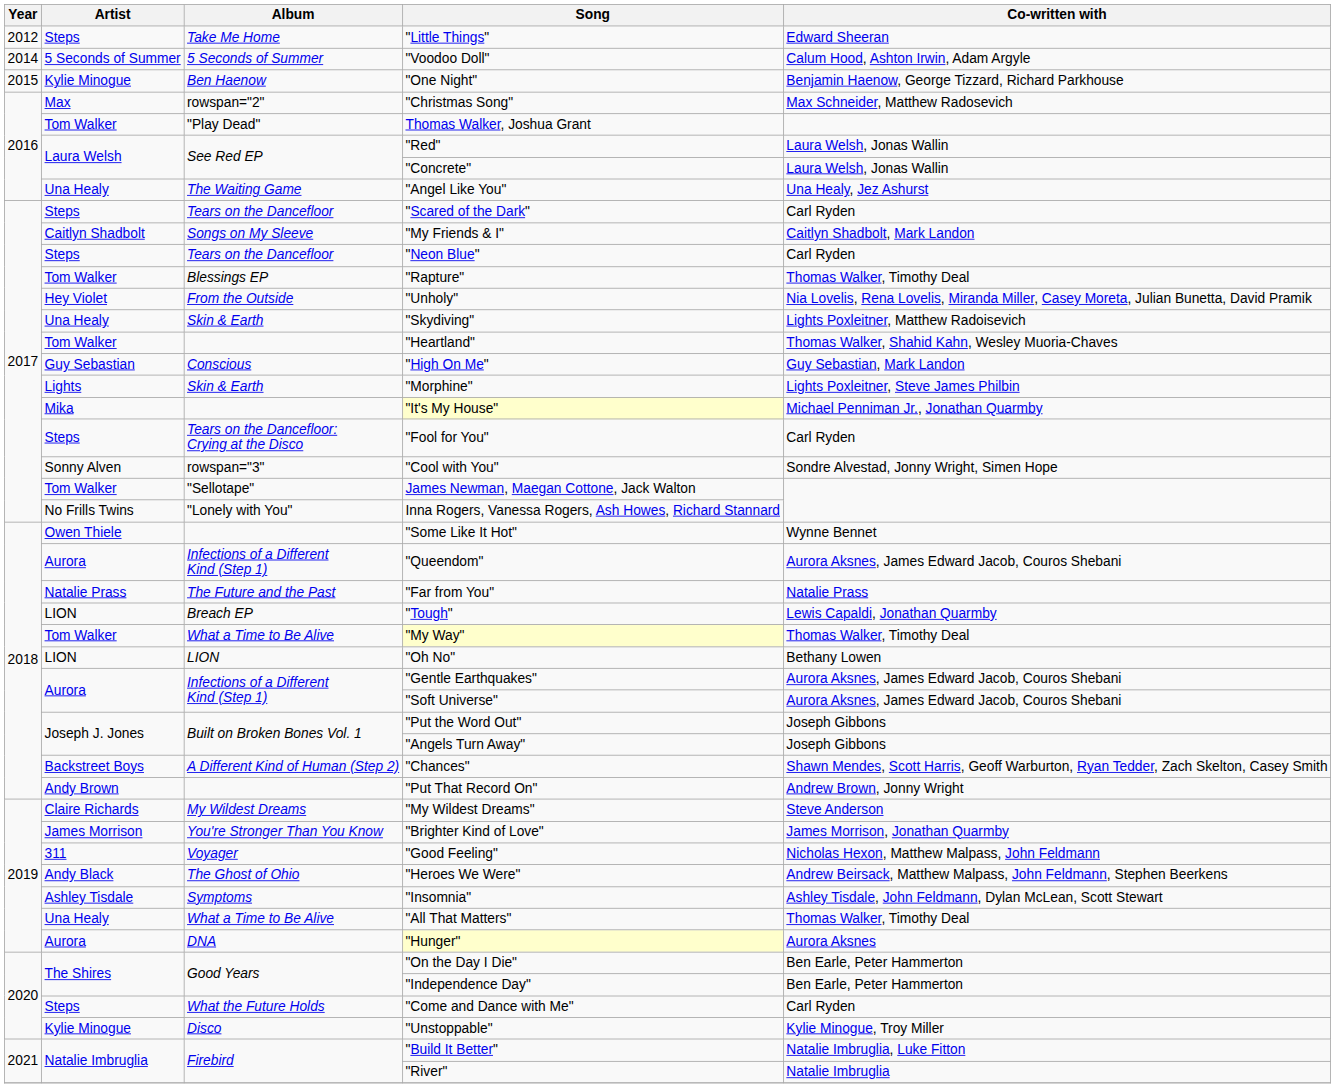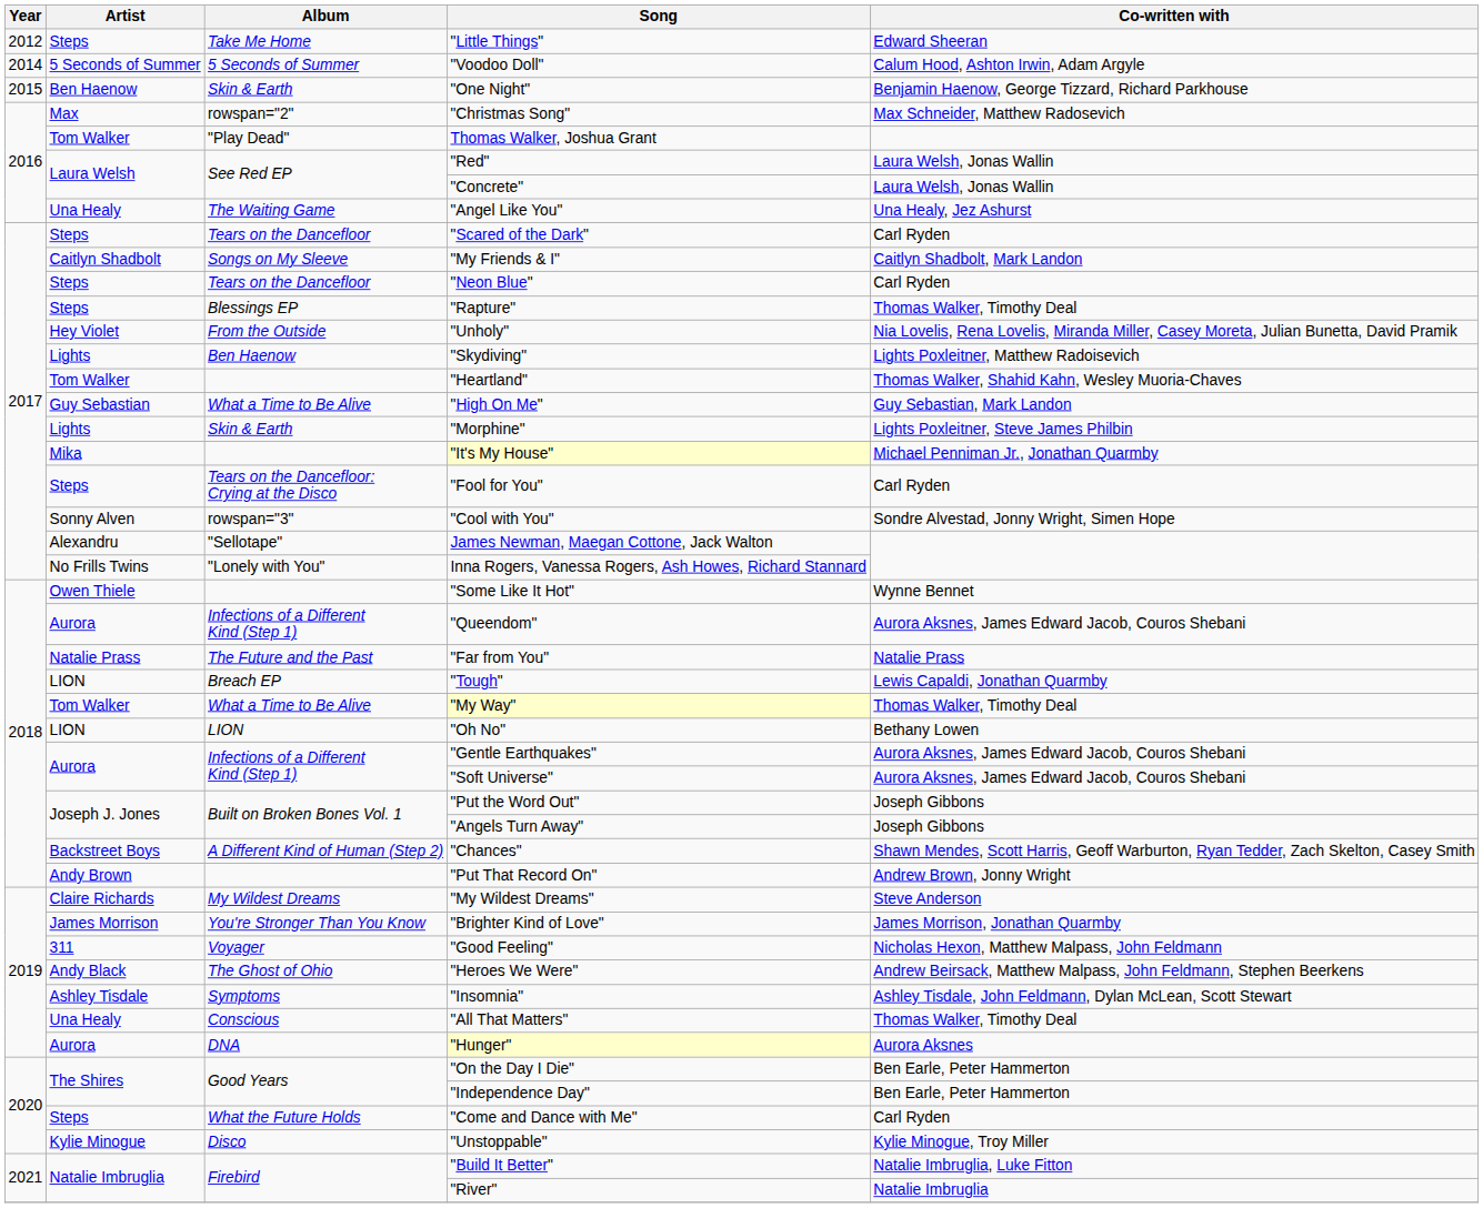 <table class="wikitable">
 <tr>
 <th>Year</th>
 <th>Artist</th>
 <th>Album</th>
 <th>Song</th>
 <th>Co-written with</th>
 </tr>
 <tr>
 <td>2012</td>
 <td><a href='#'>Steps</a></td>
 <td><em><a href='#'>Take Me Home</a></em></td>
 <td>"<a href='#'>Little Things</a>"</td>
 <td><a href='#'>Edward Sheeran</a></td>
 </tr>
 <tr>
 <td>2014</td>
 <td><a href='#'>5 Seconds of Summer</a></td>
 <td><em><a href='#'>5 Seconds of Summer</a></em></td>
 <td>"Voodoo Doll"</td>
 <td><a href='#'>Calum Hood</a>, <a href='#'>Ashton Irwin</a>, Adam Argyle</td>
 </tr>
 <tr>
 <td>2015</td>
-<td><a href='#'>Kylie Minogue</a></td>
-<td><em><a href='#'>Ben Haenow</a></em></td>
+<td><a href='#'>Ben Haenow</a></td>
+<td><em><a href='#'>Skin & Earth</a></em></td>
 <td>"One Night"</td>
 <td><a href='#'>Benjamin Haenow</a>, George Tizzard, Richard Parkhouse</td>
 </tr>
 <tr>
 <td rowspan="5">2016</td>
 <td><a href='#'>Max</a></td>
 <td>rowspan="2" </td>
 <td>"Christmas Song"</td>
 <td><a href='#'>Max Schneider</a>, Matthew Radosevich</td>
 </tr>
 <tr>
 <td><a href='#'>Tom Walker</a></td>
 <td>"Play Dead"</td>
 <td><a href='#'>Thomas Walker</a>, Joshua Grant</td>
 </tr>
 <tr>
 <td rowspan="2"><a href='#'>Laura Welsh</a></td>
 <td rowspan="2"><em>See Red EP</em></td>
 <td>"Red"</td>
 <td><a href='#'>Laura Welsh</a>, Jonas Wallin</td>
 </tr>
 <tr>
 <td>"Concrete"</td>
 <td><a href='#'>Laura Welsh</a>, Jonas Wallin</td>
 </tr>
 <tr>
 <td><a href='#'>Una Healy</a></td>
 <td><em><a href='#'>The Waiting Game</a></em></td>
 <td>"Angel Like You"</td>
 <td><a href='#'>Una Healy</a>, <a href='#'>Jez Ashurst</a></td>
 </tr>
 <tr>
 <td rowspan="14">2017</td>
 <td><a href='#'>Steps</a></td>
 <td><em><a href='#'>Tears on the Dancefloor</a></em></td>
 <td>"<a href='#'>Scared of the Dark</a>"</td>
 <td>Carl Ryden</td>
 </tr>
 <tr>
 <td><a href='#'>Caitlyn Shadbolt</a></td>
 <td><em><a href='#'>Songs on My Sleeve</a></em></td>
 <td>"My Friends & I"</td>
 <td><a href='#'>Caitlyn Shadbolt</a>, <a href='#'>Mark Landon</a></td>
 </tr>
 <tr>
 <td><a href='#'>Steps</a></td>
 <td><em><a href='#'>Tears on the Dancefloor</a></em></td>
 <td>"<a href='#'>Neon Blue</a>"</td>
 <td>Carl Ryden</td>
 </tr>
 <tr>
-<td><a href='#'>Tom Walker</a></td>
+<td><a href='#'>Steps</a></td>
 <td><em>Blessings EP</em></td>
 <td>"Rapture"</td>
 <td><a href='#'>Thomas Walker</a>, Timothy Deal</td>
 </tr>
 <tr>
 <td><a href='#'>Hey Violet</a></td>
 <td><em><a href='#'>From the Outside</a></em></td>
 <td>"Unholy"</td>
 <td><a href='#'>Nia Lovelis</a>, <a href='#'>Rena Lovelis</a>, <a href='#'>Miranda Miller</a>, <a href='#'>Casey Moreta</a>, Julian Bunetta, David Pramik</td>
 </tr>
 <tr>
-<td><a href='#'>Una Healy</a></td>
-<td><em><a href='#'>Skin & Earth</a></em></td>
+<td><a href='#'>Lights</a></td>
+<td><em><a href='#'>Ben Haenow</a></em></td>
 <td>"Skydiving"</td>
 <td><a href='#'>Lights Poxleitner</a>, Matthew Radoisevich</td>
 </tr>
 <tr>
 <td><a href='#'>Tom Walker</a></td>
 <td></td>
 <td>"Heartland"</td>
 <td><a href='#'>Thomas Walker</a>, <a href='#'>Shahid Kahn</a>, Wesley Muoria-Chaves</td>
 </tr>
 <tr>
 <td><a href='#'>Guy Sebastian</a></td>
-<td><em><a href='#'>Conscious</a></em></td>
+<td><em><a href='#'>What a Time to Be Alive</a></em></td>
 <td>"<a href='#'>High On Me</a>"</td>
 <td><a href='#'>Guy Sebastian</a>, <a href='#'>Mark Landon</a></td>
 </tr>
 <tr>
 <td><a href='#'>Lights</a></td>
 <td><em><a href='#'>Skin & Earth</a></em></td>
 <td>"Morphine"</td>
 <td><a href='#'>Lights Poxleitner</a>, <a href='#'>Steve James Philbin</a></td>
 </tr>
 <tr>
 <td><a href='#'>Mika</a></td>
 <td></td>
 <td style="background:#ffffcc">"It's My House"</td>
 <td><a href='#'>Michael Penniman Jr.</a>, <a href='#'>Jonathan Quarmby</a></td>
 </tr>
 <tr>
 <td><a href='#'>Steps</a></td>
 <td><em><a href='#'>Tears on the Dancefloor:<br>Crying at the Disco</a></em></td>
 <td>"Fool for You"</td>
 <td>Carl Ryden</td>
 </tr>
 <tr>
 <td>Sonny Alven</td>
 <td>rowspan="3" </td>
 <td>"Cool with You"<br></td>
 <td>Sondre Alvestad, Jonny Wright, Simen Hope</td>
 </tr>
 <tr>
-<td><a href='#'>Tom Walker</a></td>
+<td>Alexandru</td>
 <td>"Sellotape"</td>
 <td><a href='#'>James Newman</a>, <a href='#'>Maegan Cottone</a>, Jack Walton</td>
 </tr>
 <tr>
 <td>No Frills Twins</td>
 <td>"Lonely with You"</td>
 <td>Inna Rogers, Vanessa Rogers, <a href='#'>Ash Howes</a>, <a href='#'>Richard Stannard</a></td>
 </tr>
 <tr>
 <td rowspan="12">2018</td>
 <td><a href='#'>Owen Thiele</a></td>
 <td></td>
 <td>"Some Like It Hot"</td>
 <td>Wynne Bennet</td>
 </tr>
 <tr>
 <td><a href='#'>Aurora</a></td>
 <td><em><a href='#'>Infections of a Different<br>Kind (Step 1)</a></em></td>
 <td>"Queendom"</td>
 <td><a href='#'>Aurora Aksnes</a>, James Edward Jacob, Couros Shebani</td>
 </tr>
 <tr>
 <td><a href='#'>Natalie Prass</a></td>
 <td><em><a href='#'>The Future and the Past</a></em></td>
 <td>"Far from You"</td>
 <td><a href='#'>Natalie Prass</a></td>
 </tr>
 <tr>
 <td>LION</td>
 <td><em>Breach EP</em></td>
 <td>"<a href='#'>Tough</a>"</td>
 <td><a href='#'>Lewis Capaldi</a>, <a href='#'>Jonathan Quarmby</a></td>
 </tr>
 <tr>
 <td><a href='#'>Tom Walker</a></td>
 <td><em><a href='#'>What a Time to Be Alive</a></em></td>
 <td style="background:#ffffcc">"My Way"</td>
 <td><a href='#'>Thomas Walker</a>, Timothy Deal</td>
 </tr>
 <tr>
 <td>LION</td>
 <td><em>LION</em></td>
 <td>"Oh No"</td>
 <td>Bethany Lowen</td>
 </tr>
 <tr>
 <td rowspan="2"><a href='#'>Aurora</a></td>
 <td rowspan="2"><em><a href='#'>Infections of a Different<br>Kind (Step 1)</a></em></td>
 <td>"Gentle Earthquakes"</td>
 <td><a href='#'>Aurora Aksnes</a>, James Edward Jacob, Couros Shebani</td>
 </tr>
 <tr>
 <td>"Soft Universe"</td>
 <td><a href='#'>Aurora Aksnes</a>, James Edward Jacob, Couros Shebani</td>
 </tr>
 <tr>
 <td rowspan="2">Joseph J. Jones</td>
 <td rowspan="2"><em>Built on Broken Bones Vol. 1</em></td>
 <td>"Put the Word Out"</td>
 <td>Joseph Gibbons</td>
 </tr>
 <tr>
 <td>"Angels Turn Away"</td>
 <td>Joseph Gibbons</td>
 </tr>
 <tr>
 <td><a href='#'>Backstreet Boys</a></td>
 <td><em><a href='#'>A Different Kind of Human (Step 2)</a></em></td>
 <td>"Chances"</td>
 <td><a href='#'>Shawn Mendes</a>, <a href='#'>Scott Harris</a>, Geoff Warburton, <a href='#'>Ryan Tedder</a>, Zach Skelton, Casey Smith</td>
 </tr>
 <tr>
 <td><a href='#'>Andy Brown</a></td>
 <td></td>
 <td>"Put That Record On"</td>
 <td><a href='#'>Andrew Brown</a>, Jonny Wright</td>
 </tr>
 <tr>
 <td rowspan="7">2019</td>
 <td><a href='#'>Claire Richards</a></td>
 <td><em><a href='#'>My Wildest Dreams</a></em></td>
 <td>"My Wildest Dreams"</td>
 <td><a href='#'>Steve Anderson</a></td>
 </tr>
 <tr>
 <td><a href='#'>James Morrison</a></td>
 <td><em><a href='#'>You're Stronger Than You Know</a></em></td>
 <td>"Brighter Kind of Love"</td>
 <td><a href='#'>James Morrison</a>, <a href='#'>Jonathan Quarmby</a></td>
 </tr>
 <tr>
 <td><a href='#'>311</a></td>
 <td><em><a href='#'>Voyager</a></em></td>
 <td>"Good Feeling"</td>
 <td><a href='#'>Nicholas Hexon</a>, Matthew Malpass, <a href='#'>John Feldmann</a></td>
 </tr>
 <tr>
 <td><a href='#'>Andy Black</a></td>
 <td><em><a href='#'>The Ghost of Ohio</a></em></td>
 <td>"Heroes We Were"</td>
 <td><a href='#'>Andrew Beirsack</a>, Matthew Malpass, <a href='#'>John Feldmann</a>, Stephen Beerkens</td>
 </tr>
 <tr>
 <td><a href='#'>Ashley Tisdale</a></td>
 <td><em><a href='#'>Symptoms</a></em></td>
 <td>"Insomnia"</td>
 <td><a href='#'>Ashley Tisdale</a>, <a href='#'>John Feldmann</a>, Dylan McLean, Scott Stewart</td>
 </tr>
 <tr>
 <td><a href='#'>Una Healy</a></td>
-<td><em><a href='#'>What a Time to Be Alive</a></em></td>
+<td><em><a href='#'>Conscious</a></em></td>
 <td>"All That Matters"</td>
 <td><a href='#'>Thomas Walker</a>, Timothy Deal</td>
 </tr>
 <tr>
 <td><a href='#'>Aurora</a></td>
 <td><em><a href='#'>DNA</a></em></td>
 <td style="background:#ffffcc">"Hunger"</td>
 <td><a href='#'>Aurora Aksnes</a></td>
 </tr>
 <tr>
 <td rowspan="4">2020</td>
 <td rowspan="2"><a href='#'>The Shires</a></td>
 <td rowspan="2"><em>Good Years</em></td>
 <td>"On the Day I Die"</td>
 <td>Ben Earle, Peter Hammerton</td>
 </tr>
 <tr>
 <td>"Independence Day"</td>
 <td>Ben Earle, Peter Hammerton</td>
 </tr>
 <tr>
 <td><a href='#'>Steps</a></td>
 <td><em><a href='#'>What the Future Holds</a></em></td>
 <td>"Come and Dance with Me"</td>
 <td>Carl Ryden</td>
 </tr>
 <tr>
 <td><a href='#'>Kylie Minogue</a></td>
 <td><em><a href='#'>Disco</a></em></td>
 <td>"Unstoppable"</td>
 <td><a href='#'>Kylie Minogue</a>, Troy Miller</td>
 </tr>
 <tr>
 <td rowspan="2">2021</td>
 <td rowspan="2"><a href='#'>Natalie Imbruglia</a></td>
 <td rowspan="2"><em><a href='#'>Firebird</a></em></td>
 <td>"<a href='#'>Build It Better</a>"</td>
 <td><a href='#'>Natalie Imbruglia</a>, <a href='#'>Luke Fitton</a></td>
 </tr>
 <tr>
 <td>"River"</td>
 <td><a href='#'>Natalie Imbruglia</a></td>
 </tr>
 <tr>
 </tr>
 </table>
